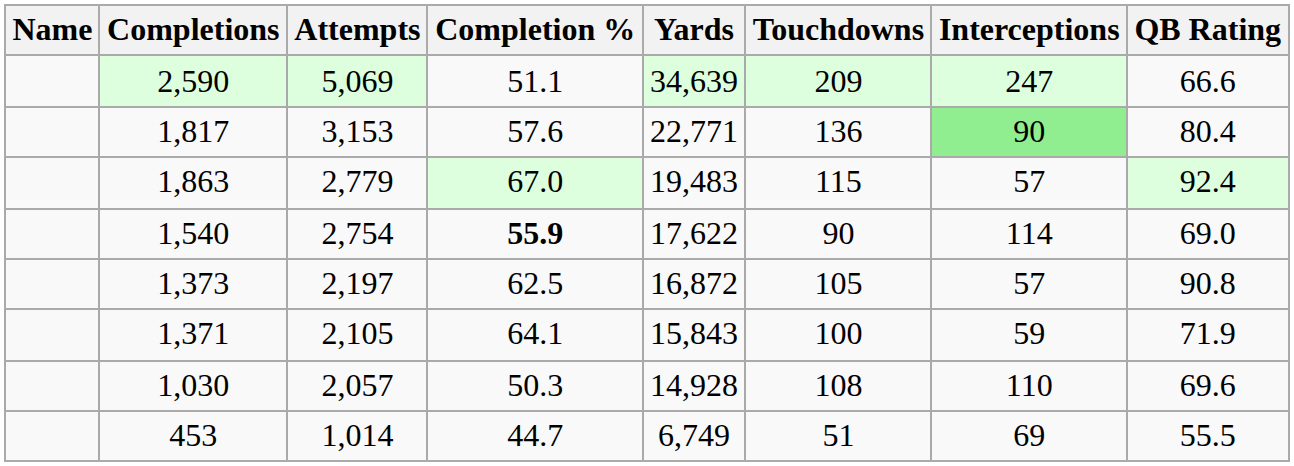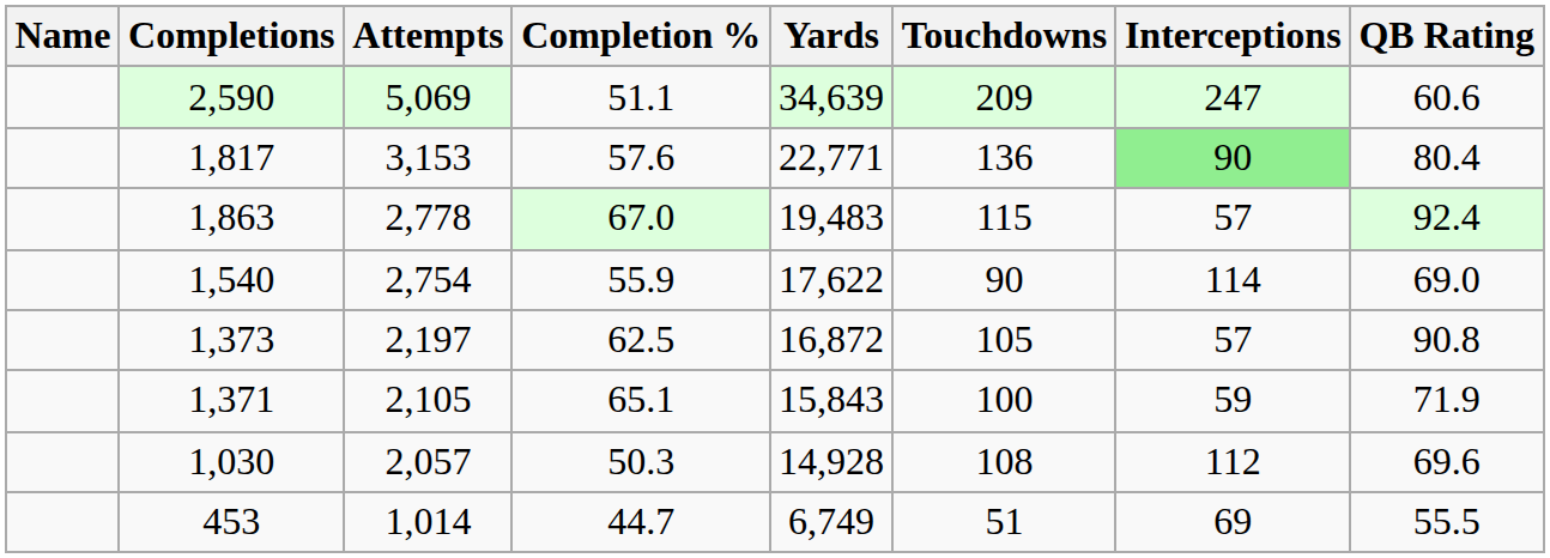 <table class="wikitable sortable" style="text-align:center">
 <tr>
 <th>Name</th>
 <th>Completions</th>
 <th>Attempts</th>
 <th>Completion %</th>
 <th>Yards</th>
 <th>Touchdowns</th>
 <th>Interceptions</th>
 <th>QB Rating</th>
 </tr>
 <tr>
 <td></td>
 <td style="background-color:#ddffdd">2,590</td>
 <td style="background-color:#ddffdd">5,069</td>
 <td>51.1</td>
 <td style="background-color:#ddffdd">34,639</td>
 <td style="background-color:#ddffdd">209</td>
 <td style="background-color:#ddffdd">247</td>
-<td>66.6</td>
+<td>60.6</td>
 </tr>
 <tr>
 <td></td>
 <td>1,817</td>
 <td>3,153</td>
 <td>57.6</td>
 <td>22,771</td>
 <td>136</td>
 <td style="background: lightgreen;">90</td>
 <td>80.4</td>
 </tr>
 <tr>
 <td></td>
 <td>1,863</td>
-<td>2,779</td>
+<td>2,778</td>
 <td style="background-color:#ddffdd">67.0</td>
 <td>19,483</td>
 <td>115</td>
 <td>57</td>
 <td style="background-color:#ddffdd">92.4</td>
 </tr>
 <tr>
 <td></td>
 <td>1,540</td>
 <td>2,754</td>
-<td><strong>55.9</strong></td>
+<td>55.9</td>
 <td>17,622</td>
 <td>90</td>
 <td>114</td>
 <td>69.0</td>
 </tr>
 <tr>
 <td></td>
 <td>1,373</td>
 <td>2,197</td>
 <td>62.5</td>
 <td>16,872</td>
 <td>105</td>
 <td>57</td>
 <td>90.8</td>
 </tr>
 <tr>
 <td></td>
 <td>1,371</td>
 <td>2,105</td>
-<td>64.1</td>
+<td>65.1</td>
 <td>15,843</td>
 <td>100</td>
 <td>59</td>
 <td>71.9</td>
 </tr>
 <tr>
 <td></td>
 <td>1,030</td>
 <td>2,057</td>
 <td>50.3</td>
 <td>14,928</td>
 <td>108</td>
-<td>110</td>
+<td>112</td>
 <td>69.6</td>
 </tr>
 <tr>
 <td></td>
 <td>453</td>
 <td>1,014</td>
 <td>44.7</td>
 <td>6,749</td>
 <td>51</td>
 <td>69</td>
 <td>55.5</td>
 </tr>
 </table>
